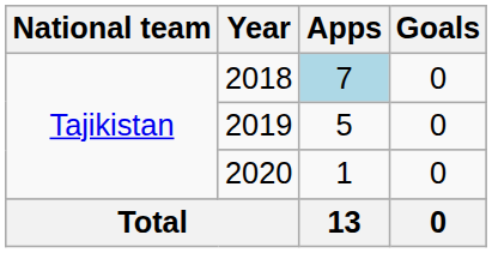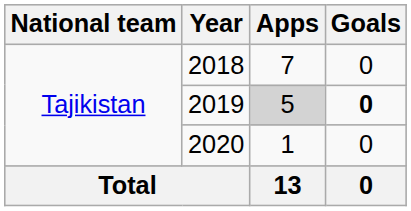 <table class="wikitable" style="text-align:center">
 <tr>
 <th>National team</th>
 <th>Year</th>
 <th>Apps</th>
 <th>Goals</th>
 </tr>
 <tr>
 <td rowspan="3"><a href='#'>Tajikistan</a></td>
 <td>2018</td>
-<td style="background: lightblue;">7</td>
+<td>7</td>
 <td>0</td>
 </tr>
 <tr>
 <td>2019</td>
-<td>5</td>
-<td>0</td>
+<td style="background: lightgrey;">5</td>
+<td><strong>0</strong></td>
 </tr>
 <tr>
 <td>2020</td>
 <td>1</td>
 <td>0</td>
 </tr>
 <tr>
 <th colspan="2">Total</th>
 <th>13</th>
 <th>0</th>
 </tr>
 </table>
